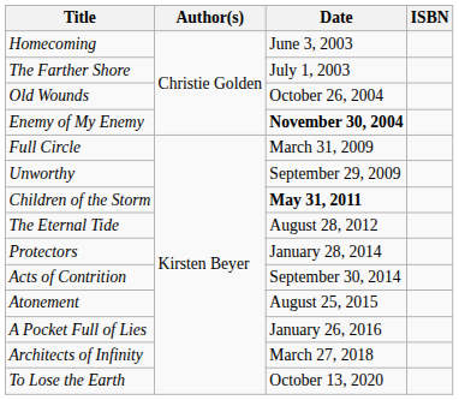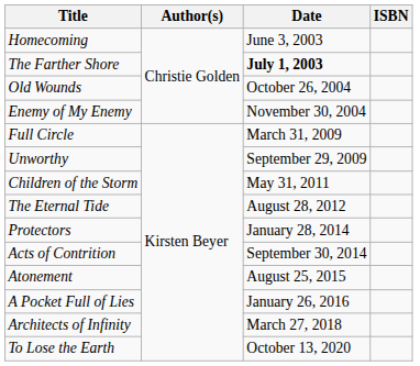 <table class="wikitable">
 <tr>
 <th>Title</th>
 <th>Author(s)</th>
 <th>Date</th>
 <th>ISBN</th>
 </tr>
 <tr>
 <td><em>Homecoming</em></td>
 <td rowspan="4">Christie Golden</td>
 <td>June 3, 2003</td>
 <td></td>
 </tr>
 <tr>
 <td><em>The Farther Shore</em></td>
-<td>July 1, 2003</td>
+<td><strong>July 1, 2003</strong></td>
 <td></td>
 </tr>
 <tr>
 <td><em>Old Wounds</em></td>
 <td>October 26, 2004</td>
 <td></td>
 </tr>
 <tr>
 <td><em>Enemy of My Enemy</em></td>
-<td><strong>November 30, 2004</strong></td>
+<td>November 30, 2004</td>
 <td></td>
 </tr>
 <tr>
 <td><em>Full Circle</em></td>
 <td rowspan="10">Kirsten Beyer</td>
 <td>March 31, 2009</td>
 <td></td>
 </tr>
 <tr>
 <td><em>Unworthy</em></td>
 <td>September 29, 2009</td>
 <td></td>
 </tr>
 <tr>
 <td><em>Children of the Storm</em></td>
-<td><strong>May 31, 2011</strong></td>
+<td>May 31, 2011</td>
 <td></td>
 </tr>
 <tr>
 <td><em>The Eternal Tide</em></td>
 <td>August 28, 2012</td>
 <td></td>
 </tr>
 <tr>
 <td><em>Protectors</em></td>
 <td>January 28, 2014</td>
 <td></td>
 </tr>
 <tr>
 <td><em>Acts of Contrition</em></td>
 <td>September 30, 2014</td>
 <td></td>
 </tr>
 <tr>
 <td><em>Atonement</em></td>
 <td>August 25, 2015</td>
 <td></td>
 </tr>
 <tr>
 <td><em>A Pocket Full of Lies</em></td>
 <td>January 26, 2016</td>
 <td></td>
 </tr>
 <tr>
 <td><em>Architects of Infinity</em></td>
 <td>March 27, 2018</td>
 <td></td>
 </tr>
 <tr>
 <td><em>To Lose the Earth</em></td>
 <td>October 13, 2020</td>
 <td></td>
 </tr>
 </table>
